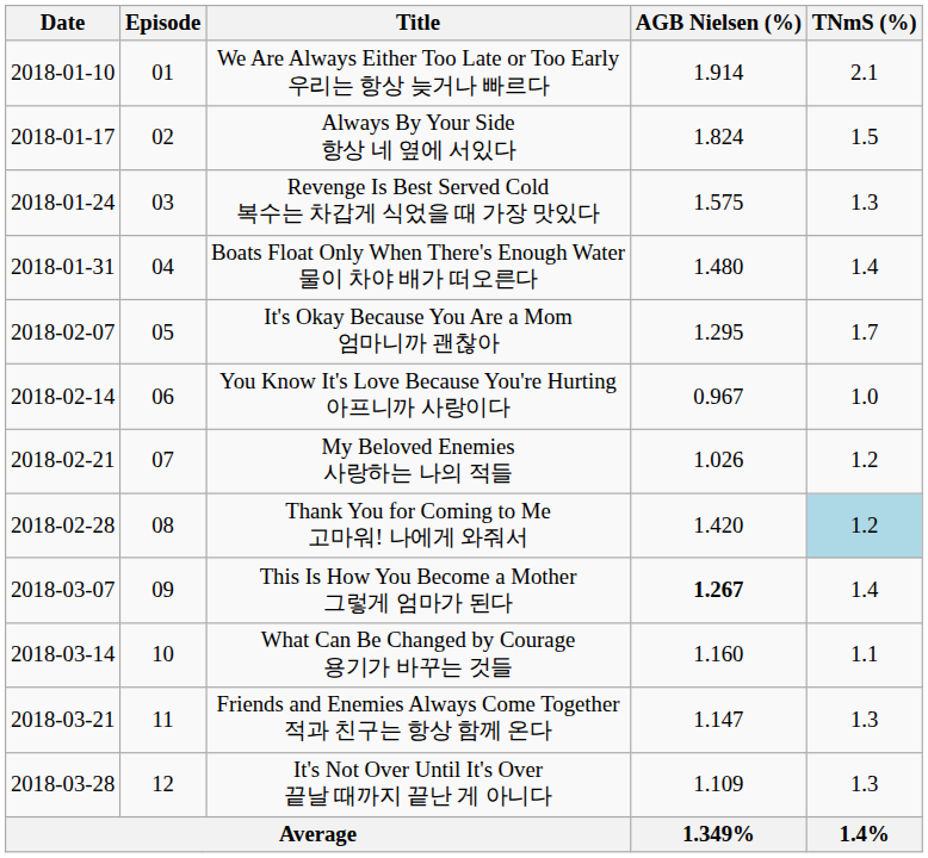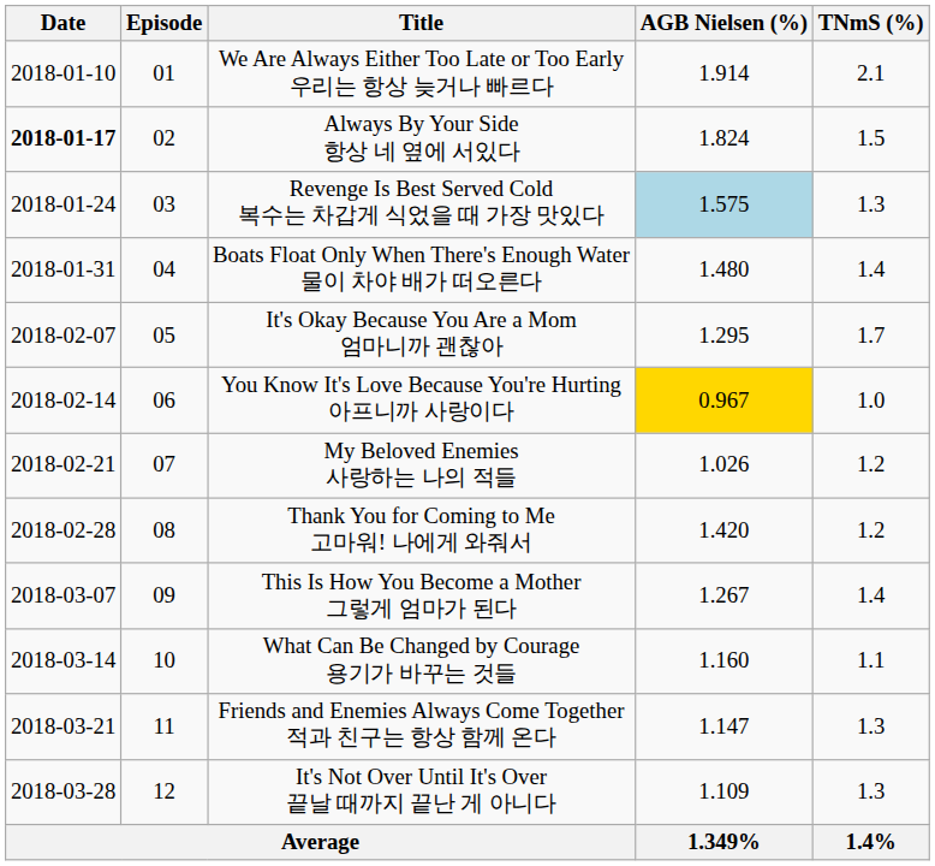 <table class="wikitable" style="text-align:center">
 <tr>
 <th>Date</th>
 <th>Episode</th>
 <th>Title</th>
 <th>AGB Nielsen (%)</th>
 <th>TNmS (%)</th>
 </tr>
 <tr>
 <td>2018-01-10</td>
 <td>01</td>
 <td>We Are Always Either Too Late or Too Early <br> 우리는 항상 늦거나 빠르다</td>
 <td>1.914</td>
 <td>2.1</td>
 </tr>
 <tr>
-<td>2018-01-17</td>
+<td><strong>2018-01-17</strong></td>
 <td>02</td>
 <td>Always By Your Side <br> 항상 네 옆에 서있다</td>
 <td>1.824</td>
 <td>1.5</td>
 </tr>
 <tr>
 <td>2018-01-24</td>
 <td>03</td>
 <td>Revenge Is Best Served Cold <br> 복수는 차갑게 식었을 때 가장 맛있다</td>
-<td>1.575</td>
+<td style="background: lightblue;">1.575</td>
 <td>1.3</td>
 </tr>
 <tr>
 <td>2018-01-31</td>
 <td>04</td>
 <td>Boats Float Only When There's Enough Water <br> 물이 차야 배가 떠오른다</td>
 <td>1.480</td>
 <td>1.4</td>
 </tr>
 <tr>
 <td>2018-02-07</td>
 <td>05</td>
 <td>It's Okay Because You Are a Mom <br> 엄마니까 괜찮아</td>
 <td>1.295</td>
 <td>1.7</td>
 </tr>
 <tr>
 <td>2018-02-14</td>
 <td>06</td>
 <td>You Know It's Love Because You're Hurting <br> 아프니까 사랑이다</td>
-<td>0.967</td>
+<td style="background: gold;">0.967</td>
 <td>1.0</td>
 </tr>
 <tr>
 <td>2018-02-21</td>
 <td>07</td>
 <td>My Beloved Enemies <br> 사랑하는 나의 적들</td>
 <td>1.026</td>
 <td>1.2</td>
 </tr>
 <tr>
 <td>2018-02-28</td>
 <td>08</td>
 <td>Thank You for Coming to Me <br> 고마워! 나에게 와줘서</td>
 <td>1.420</td>
-<td style="background: lightblue;">1.2</td>
+<td>1.2</td>
 </tr>
 <tr>
 <td>2018-03-07</td>
 <td>09</td>
 <td>This Is How You Become a Mother <br> 그렇게 엄마가 된다</td>
-<td><strong>1.267</strong></td>
+<td>1.267</td>
 <td>1.4</td>
 </tr>
 <tr>
 <td>2018-03-14</td>
 <td>10</td>
 <td>What Can Be Changed by Courage <br> 용기가 바꾸는 것들</td>
 <td>1.160</td>
 <td>1.1</td>
 </tr>
 <tr>
 <td>2018-03-21</td>
 <td>11</td>
 <td>Friends and Enemies Always Come Together <br> 적과 친구는 항상 함께 온다</td>
 <td>1.147</td>
 <td>1.3</td>
 </tr>
 <tr>
 <td>2018-03-28</td>
 <td>12</td>
 <td>It's Not Over Until It's Over <br> 끝날 때까지 끝난 게 아니다</td>
 <td>1.109</td>
 <td>1.3</td>
 </tr>
 <tr>
 <th colspan=3>Average</th>
 <th>1.349%</th>
 <th>1.4%</th>
 </tr>
 </table>
